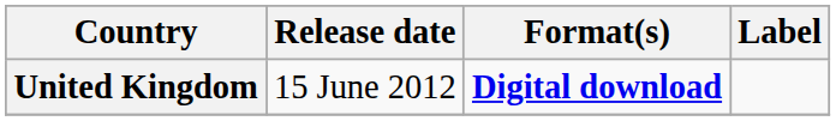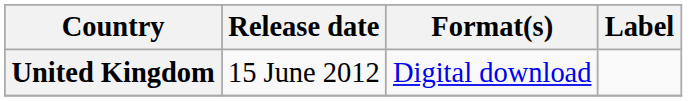 <table class="wikitable plainrowheaders">
 <tr>
 <th scope="col">Country</th>
 <th scope="col">Release date</th>
 <th scope="col">Format(s)</th>
 <th scope="col">Label</th>
 </tr>
 <tr>
 <th scope="row">United Kingdom</th>
 <td>15 June 2012</td>
-<td><strong><a href='#'>Digital download</a></strong></td>
+<td><a href='#'>Digital download</a></td>
 <td></td>
 </tr>
 <tr>
 </tr>
 </table>
